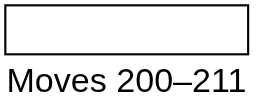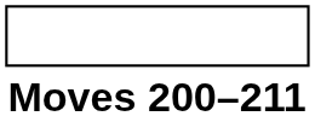 <table style="display:inline; display:inline-table;">
 <tr>
 <td style="border: solid thin; padding: 2px;"><br></td>
 </tr>
 <tr>
-<td style="text-align:center">Moves 200–211</td>
+<td style="text-align:center"><strong>Moves 200–211</strong></td>
 </tr>
 </table>
